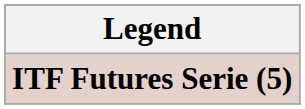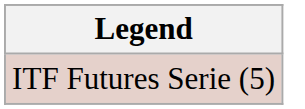 <table class="wikitable">
 <tr>
 <th>Legend</th>
 </tr>
 <tr bgcolor="#e5d1cb">
-<td><strong>ITF Futures Serie (5)</strong></td>
+<td>ITF Futures Serie (5)</td>
 </tr>
 </table>
